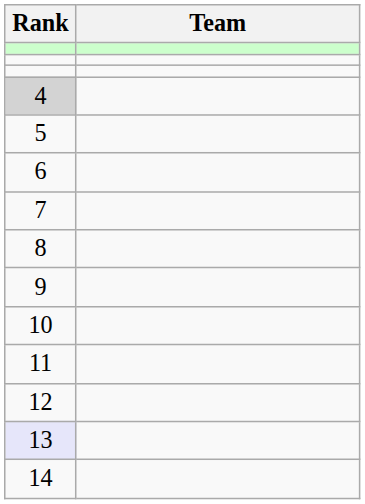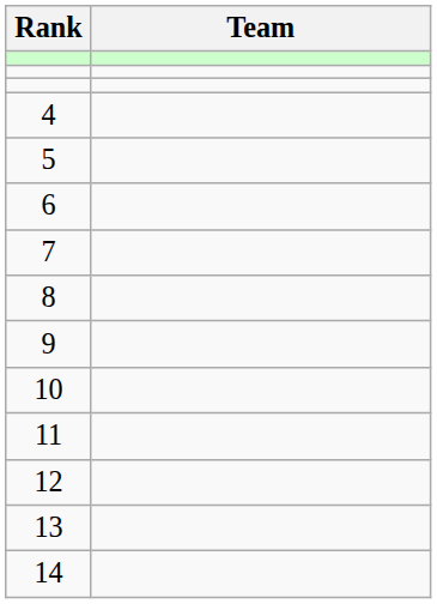 <table class="wikitable" style="text-align: center;">
 <tr>
 <th width=40>Rank</th>
 <th width=180>Team</th>
 </tr>
 <tr bgcolor=#CCFFCC>
 <td></td>
 <td align="left"></td>
 </tr>
 <tr>
 <td></td>
 <td align="left"></td>
 </tr>
 <tr>
 <td></td>
 <td align="left"></td>
 </tr>
 <tr>
-<td style="background: lightgrey;">4</td>
+<td>4</td>
 <td align="left"></td>
 </tr>
 <tr>
 <td>5</td>
 <td align="left"></td>
 </tr>
 <tr>
 <td>6</td>
 <td align="left"></td>
 </tr>
 <tr>
 <td>7</td>
 <td align="left"></td>
 </tr>
 <tr>
 <td>8</td>
 <td align="left"></td>
 </tr>
 <tr>
 <td>9</td>
 <td align="left"></td>
 </tr>
 <tr>
 <td>10</td>
 <td align="left"></td>
 </tr>
 <tr>
 <td>11</td>
 <td align="left"></td>
 </tr>
 <tr>
 <td>12</td>
 <td align="left"></td>
 </tr>
 <tr>
-<td style="background: lavender;">13</td>
+<td>13</td>
 <td align="left"></td>
 </tr>
 <tr>
 <td>14</td>
 <td align="left"></td>
 </tr>
 </table>
